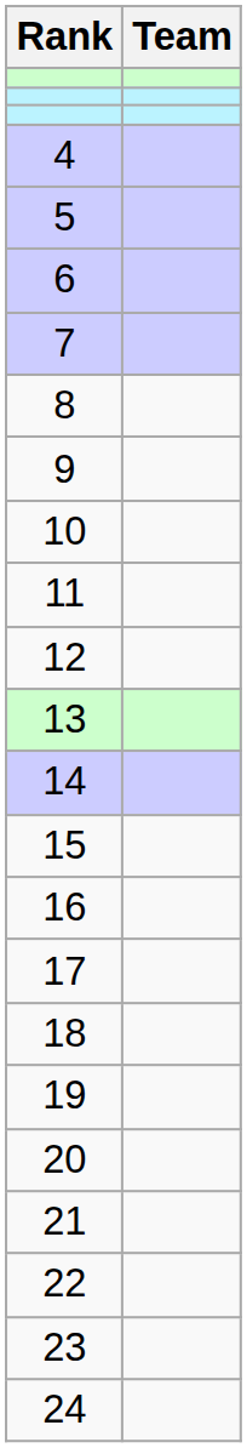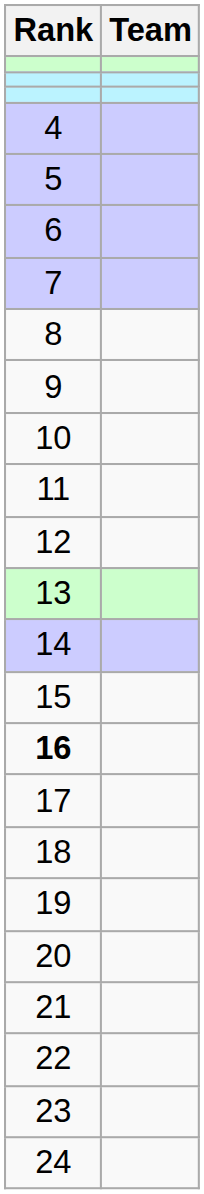 <table class="wikitable" style="text-align: center;">
 <tr>
 <th style="width: 40px;">Rank</th>
 <th>Team</th>
 </tr>
 <tr style="background: #CCFFCC;">
 <td></td>
 <td style="text-align: left;"></td>
 </tr>
 <tr style="background: #BBF3FF;">
 <td></td>
 <td style="text-align: left;"></td>
 </tr>
 <tr style="background: #BBF3FF;">
 <td></td>
 <td style="text-align: left;"></td>
 </tr>
 <tr style="background: #CCCCFF;">
 <td>4</td>
 <td style="text-align: left;"></td>
 </tr>
 <tr style="background: #CCCCFF;">
 <td>5</td>
 <td style="text-align: left;"></td>
 </tr>
 <tr style="background: #CCCCFF;">
 <td>6</td>
 <td style="text-align: left;"></td>
 </tr>
 <tr style="background: #CCCCFF;">
 <td>7</td>
 <td style="text-align: left;"></td>
 </tr>
 <tr>
 <td>8</td>
 <td style="text-align: left;"></td>
 </tr>
 <tr>
 <td>9</td>
 <td style="text-align: left;"></td>
 </tr>
 <tr>
 <td>10</td>
 <td style="text-align: left;"></td>
 </tr>
 <tr>
 <td>11</td>
 <td style="text-align: left;"></td>
 </tr>
 <tr>
 <td>12</td>
 <td style="text-align: left;"></td>
 </tr>
 <tr style="background: #CCFFCC;">
 <td>13</td>
 <td style="text-align: left;"></td>
 </tr>
 <tr style="background: #CCCCFF;">
 <td>14</td>
 <td style="text-align: left;"></td>
 </tr>
 <tr>
 <td>15</td>
 <td style="text-align: left;"></td>
 </tr>
 <tr>
-<td>16</td>
+<td><strong>16</strong></td>
 <td style="text-align: left;"></td>
 </tr>
 <tr>
 <td>17</td>
 <td style="text-align: left;"></td>
 </tr>
 <tr>
 <td>18</td>
 <td style="text-align: left;"></td>
 </tr>
 <tr>
 <td>19</td>
 <td style="text-align: left;"></td>
 </tr>
 <tr>
 <td>20</td>
 <td style="text-align: left;"></td>
 </tr>
 <tr>
 <td>21</td>
 <td style="text-align: left;"></td>
 </tr>
 <tr>
 <td>22</td>
 <td style="text-align: left;"></td>
 </tr>
 <tr>
 <td>23</td>
 <td style="text-align: left;"></td>
 </tr>
 <tr>
 <td>24</td>
 <td style="text-align: left;"></td>
 </tr>
 </table>
